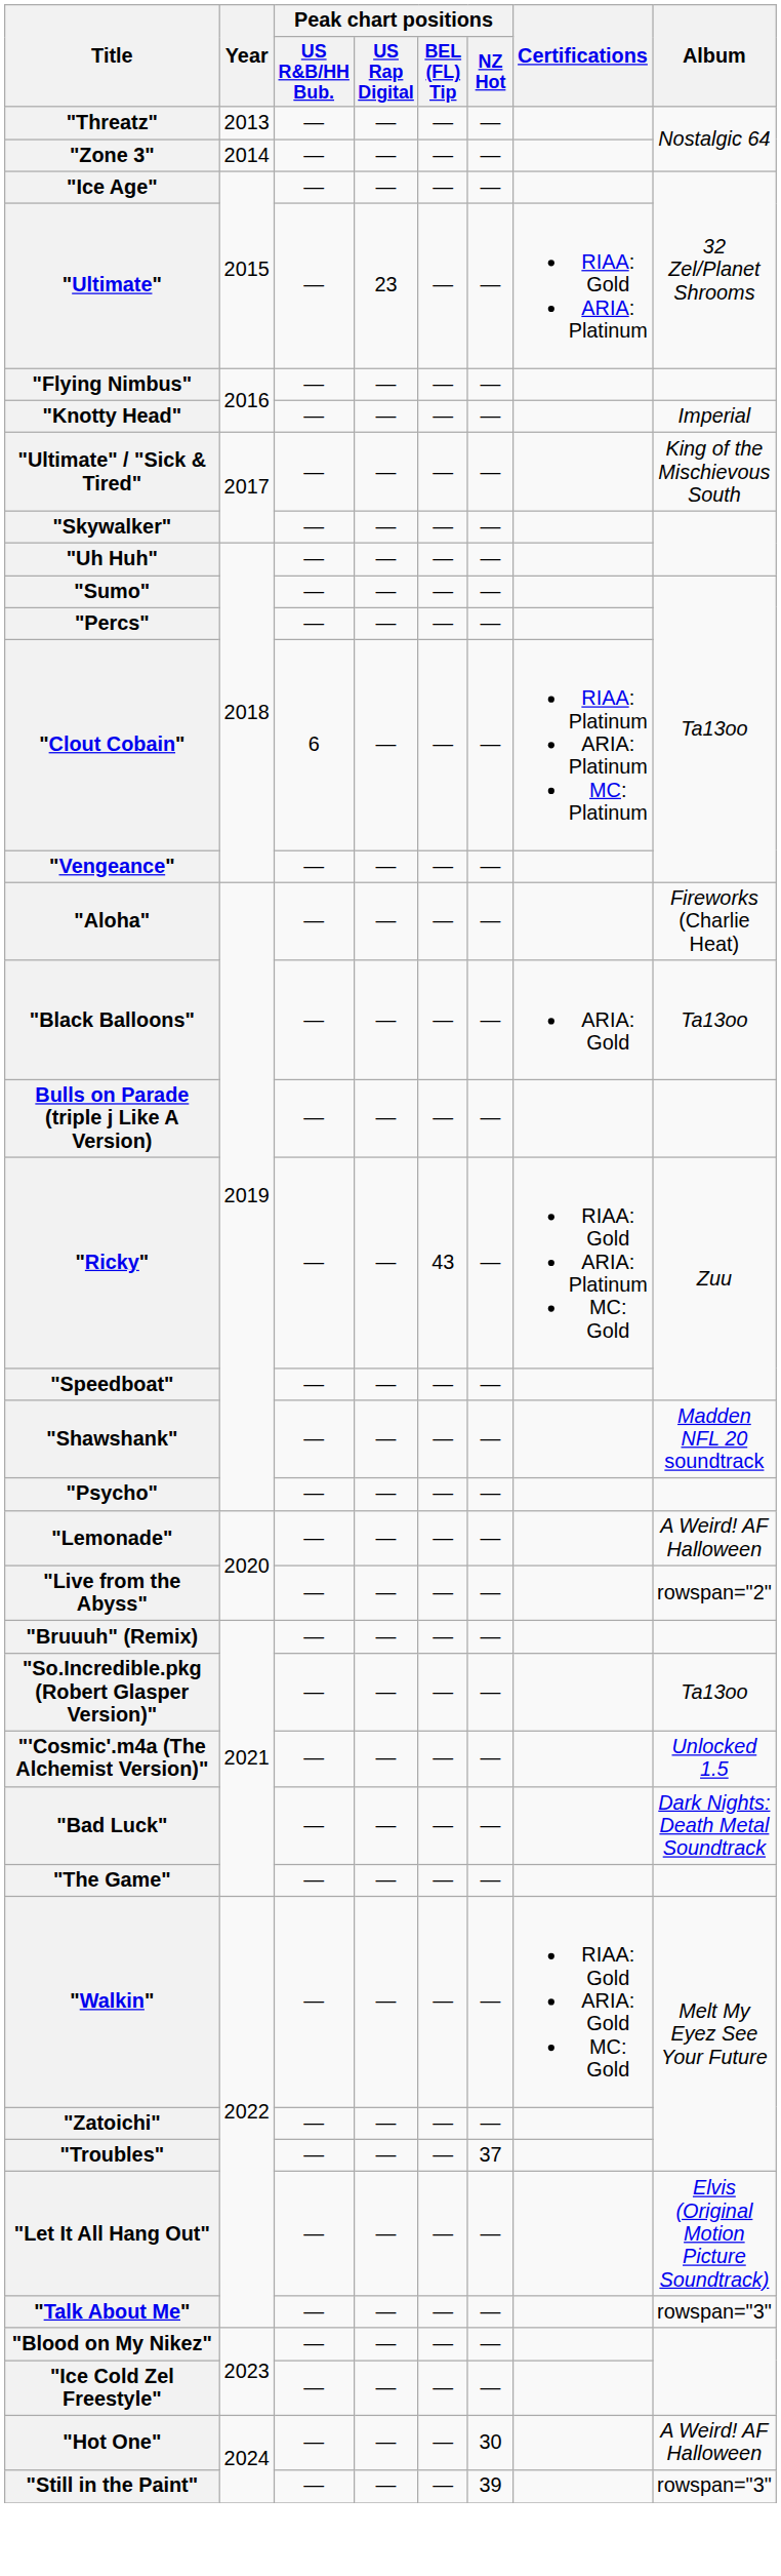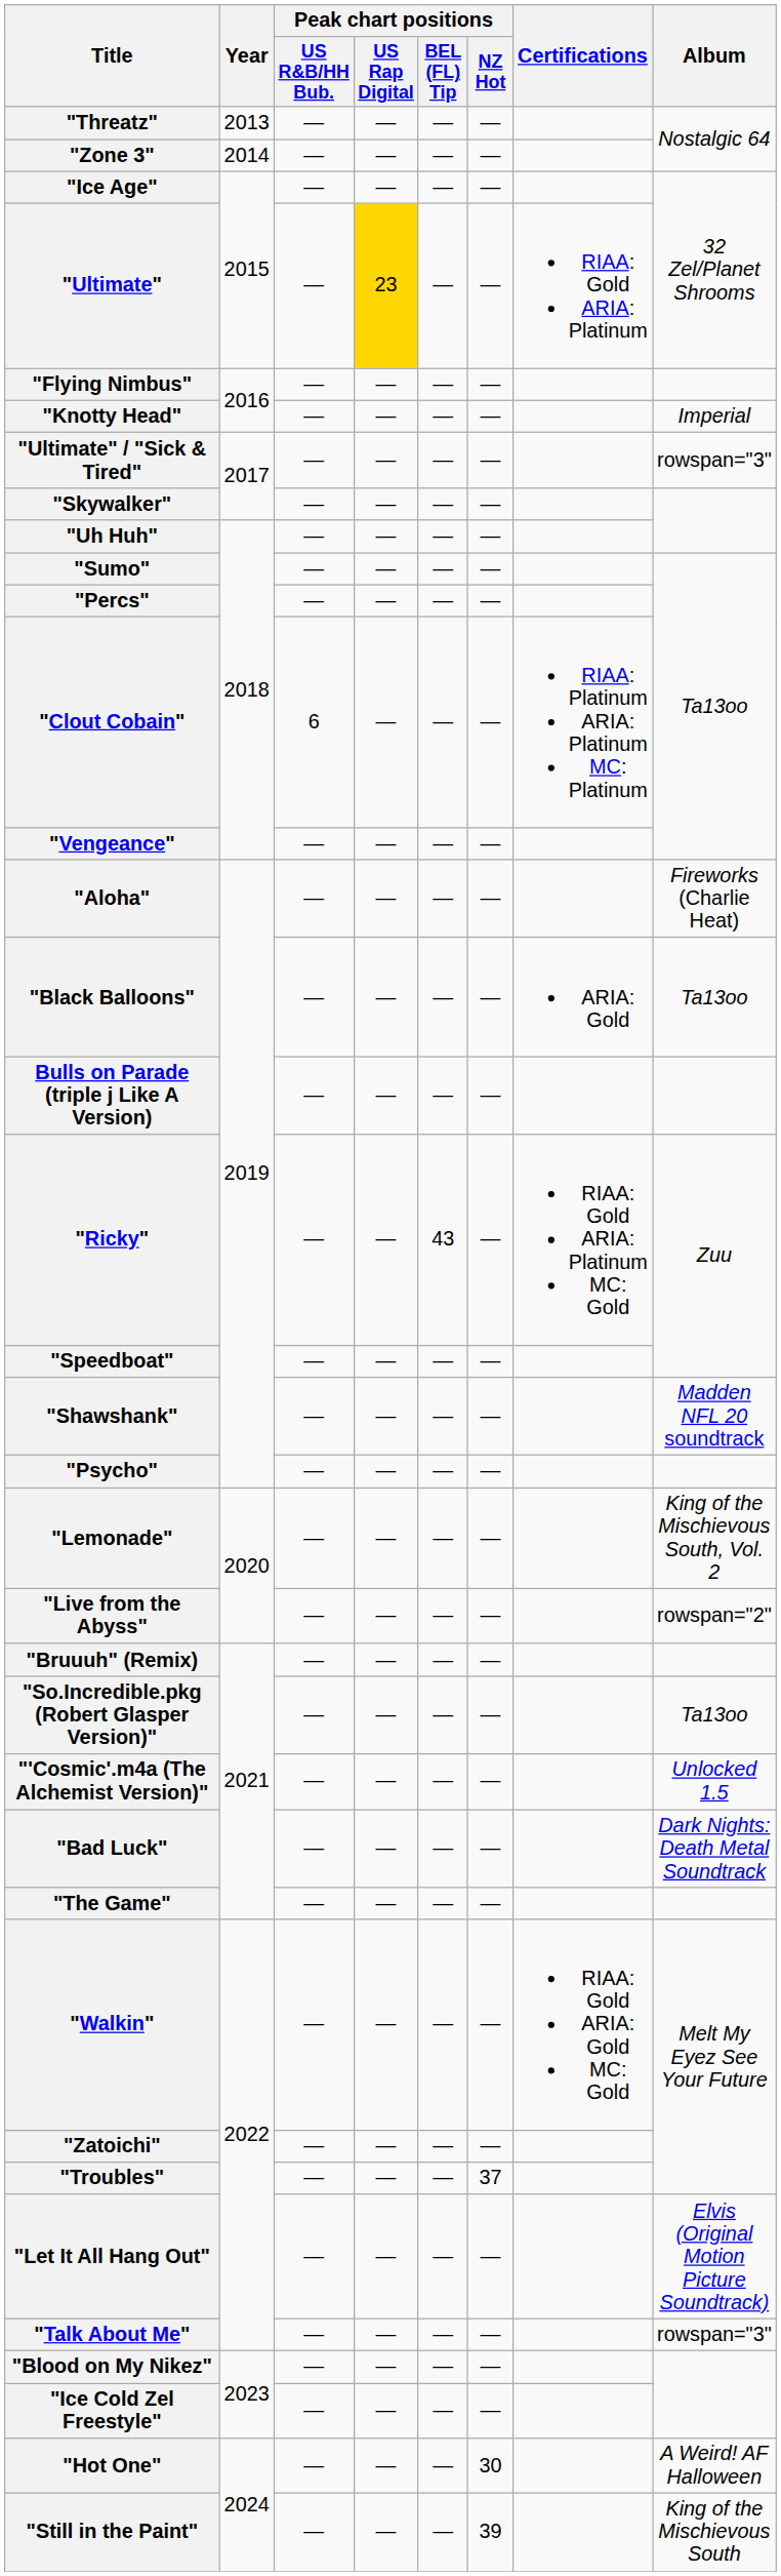 <table class="wikitable plainrowheaders" style="text-align:center;">
 <tr>
 <th scope="col" rowspan="2" style="width:14em;">Title</th>
 <th scope="col" rowspan="2">Year</th>
 <th scope="col" colspan="4">Peak chart positions</th>
 <th scope="col" rowspan="2"><a href='#'>Certifications</a></th>
 <th scope="col" rowspan="2">Album</th>
 </tr>
 <tr>
 <th scope="col" style="width:3em;font-size:90%;"><a href='#'>US<br>R&B/HH<br>Bub.</a><br></th>
 <th scope="col" style="width:3em;font-size:90%;"><a href='#'>US<br>Rap<br>Digital</a><br></th>
 <th scope="col" style="width:3em;font-size:90%;"><a href='#'>BEL<br>(FL)<br>Tip</a><br></th>
 <th scope="col" style="width:3em;font-size:90%;"><a href='#'>NZ<br>Hot</a><br></th>
 </tr>
 <tr>
 <th scope="row">"Threatz"<br></th>
 <td>2013</td>
 <td>—</td>
 <td>—</td>
 <td>—</td>
 <td>—</td>
 <td></td>
 <td rowspan="2"><em>Nostalgic 64</em></td>
 </tr>
 <tr>
 <th scope="row">"Zone 3"</th>
 <td>2014</td>
 <td>—</td>
 <td>—</td>
 <td>—</td>
 <td>—</td>
 <td></td>
 </tr>
 <tr>
 <th scope="row">"Ice Age"<br></th>
 <td rowspan="2">2015</td>
 <td>—</td>
 <td>—</td>
 <td>—</td>
 <td>—</td>
 <td></td>
 <td rowspan="2"><em>32 Zel/Planet Shrooms</em></td>
 </tr>
 <tr>
 <th scope="row">"<a href='#'>Ultimate</a>"</th>
 <td>—</td>
-<td>23</td>
+<td style="background: gold;">23</td>
 <td>—</td>
 <td>—</td>
 <td><br><ul><li><a href='#'>RIAA</a>: Gold</li><li><a href='#'>ARIA</a>: Platinum</li></ul></td>
 </tr>
 <tr>
 <th scope="row">"Flying Nimbus"<br></th>
 <td rowspan="2">2016</td>
 <td>—</td>
 <td>—</td>
 <td>—</td>
 <td>—</td>
 <td></td>
 <td></td>
 </tr>
 <tr>
 <th scope="row">"Knotty Head"<br></th>
 <td>—</td>
 <td>—</td>
 <td>—</td>
 <td>—</td>
 <td></td>
 <td><em>Imperial</em></td>
 </tr>
 <tr>
 <th scope="row">"Ultimate" / "Sick & Tired"<br></th>
 <td rowspan="2">2017</td>
 <td>—</td>
 <td>—</td>
 <td>—</td>
 <td>—</td>
 <td></td>
-<td><em>King of the Mischievous South</em></td>
+<td>rowspan="3" </td>
 </tr>
 <tr>
 <th scope="row">"Skywalker"</th>
 <td>—</td>
 <td>—</td>
 <td>—</td>
 <td>—</td>
 <td></td>
 </tr>
 <tr>
 <th scope="row">"Uh Huh"<br></th>
 <td rowspan="5">2018</td>
 <td>—</td>
 <td>—</td>
 <td>—</td>
 <td>—</td>
 <td></td>
 </tr>
 <tr>
 <th scope="row">"Sumo"</th>
 <td>—</td>
 <td>—</td>
 <td>—</td>
 <td>—</td>
 <td></td>
 <td rowspan="4"><em>Ta13oo</em></td>
 </tr>
 <tr>
 <th scope="row">"Percs"</th>
 <td>—</td>
 <td>—</td>
 <td>—</td>
 <td>—</td>
 <td></td>
 </tr>
 <tr>
 <th scope="row">"<a href='#'>Clout Cobain</a>"</th>
 <td>6</td>
 <td>—</td>
 <td>—</td>
 <td>—</td>
 <td><br><ul><li><a href='#'>RIAA</a>: Platinum</li><li>ARIA: Platinum</li><li><a href='#'>MC</a>: Platinum</li></ul></td>
 </tr>
 <tr>
 <th scope="row">"<a href='#'>Vengeance</a>"<br></th>
 <td>—</td>
 <td>—</td>
 <td>—</td>
 <td>—</td>
 <td></td>
 </tr>
 <tr>
 <th scope="row">"Aloha"<br></th>
 <td rowspan="7">2019</td>
 <td>—</td>
 <td>—</td>
 <td>—</td>
 <td>—</td>
 <td></td>
 <td><em>Fireworks</em> (Charlie Heat)</td>
 </tr>
 <tr>
 <th scope="row">"Black Balloons"<br></th>
 <td>—</td>
 <td>—</td>
 <td>—</td>
 <td>—</td>
 <td><br><ul><li>ARIA: Gold</li></ul></td>
 <td><em>Ta13oo</em></td>
 </tr>
 <tr>
 <th scope="row"><a href='#'>Bulls on Parade</a> (triple j Like A Version)</th>
 <td>—</td>
 <td>—</td>
 <td>—</td>
 <td>—</td>
 <td></td>
 <td></td>
 </tr>
 <tr>
 <th scope="row">"<a href='#'>Ricky</a>"</th>
 <td>—</td>
 <td>—</td>
 <td>43</td>
 <td>—</td>
 <td><br><ul><li>RIAA: Gold</li><li>ARIA: Platinum</li><li>MC: Gold</li></ul></td>
 <td rowspan="2"><em>Zuu</em></td>
 </tr>
 <tr>
 <th scope="row">"Speedboat"</th>
 <td>—</td>
 <td>—</td>
 <td>—</td>
 <td>—</td>
 </tr>
 <tr>
 <th scope="row">"Shawshank"<br></th>
 <td>—</td>
 <td>—</td>
 <td>—</td>
 <td>—</td>
 <td></td>
 <td><a href='#'><em>Madden NFL 20</em> soundtrack</a></td>
 </tr>
 <tr>
 <th scope="row">"Psycho"<br></th>
 <td>—</td>
 <td>—</td>
 <td>—</td>
 <td>—</td>
 <td></td>
 <td></td>
 </tr>
 <tr>
 <th scope="row">"Lemonade"<br></th>
 <td rowspan="2">2020</td>
 <td>—</td>
 <td>—</td>
 <td>—</td>
 <td>—</td>
 <td></td>
-<td><em>A Weird! AF Halloween</em></td>
+<td><em>King of the Mischievous South, Vol. 2</em></td>
 </tr>
 <tr>
 <th scope="row">"Live from the Abyss"</th>
 <td>—</td>
 <td>—</td>
 <td>—</td>
 <td>—</td>
 <td></td>
 <td>rowspan="2" </td>
 </tr>
 <tr>
 <th scope="row">"Bruuuh" (Remix)<br></th>
 <td rowspan="5">2021</td>
 <td>—</td>
 <td>—</td>
 <td>—</td>
 <td>—</td>
 <td></td>
 </tr>
 <tr>
 <th scope="row">"So.Incredible.pkg (Robert Glasper Version)"<br></th>
 <td>—</td>
 <td>—</td>
 <td>—</td>
 <td>—</td>
 <td></td>
 <td><em>Ta13oo</em></td>
 </tr>
 <tr>
 <th scope="row">"'Cosmic'.m4a (The Alchemist Version)" <br></th>
 <td>—</td>
 <td>—</td>
 <td>—</td>
 <td>—</td>
 <td></td>
 <td><em><a href='#'>Unlocked 1.5</a></em></td>
 </tr>
 <tr>
 <th scope="row">"Bad Luck" <br></th>
 <td>—</td>
 <td>—</td>
 <td>—</td>
 <td>—</td>
 <td></td>
 <td><a href='#'><em>Dark Nights: Death Metal Soundtrack</em></a></td>
 </tr>
 <tr>
 <th scope="row">"The Game"</th>
 <td>—</td>
 <td>—</td>
 <td>—</td>
 <td>—</td>
 <td></td>
 <td></td>
 </tr>
 <tr>
 <th scope="row">"<a href='#'>Walkin</a>"<br></th>
 <td rowspan="5">2022</td>
 <td>—</td>
 <td>—</td>
 <td>—</td>
 <td>—</td>
 <td><br><ul><li>RIAA: Gold</li><li>ARIA: Gold</li><li>MC: Gold</li></ul></td>
 <td rowspan="3"><em>Melt My Eyez See Your Future</em></td>
 </tr>
 <tr>
 <th scope="row">"Zatoichi"<br></th>
 <td>—</td>
 <td>—</td>
 <td>—</td>
 <td>—</td>
 <td></td>
 </tr>
 <tr>
 <th scope="row">"Troubles"<br></th>
 <td>—</td>
 <td>—</td>
 <td>—</td>
 <td>37</td>
 <td></td>
 </tr>
 <tr>
 <th scope="row">"Let It All Hang Out" <br></th>
 <td>—</td>
 <td>—</td>
 <td>—</td>
 <td>—</td>
 <td></td>
 <td><em><a href='#'>Elvis (Original Motion Picture Soundtrack)</a></em></td>
 </tr>
 <tr>
 <th scope="row">"<a href='#'>Talk About Me</a>" <br></th>
 <td>—</td>
 <td>—</td>
 <td>—</td>
 <td>—</td>
 <td></td>
 <td>rowspan="3" </td>
 </tr>
 <tr>
 <th scope="row">"Blood on My Nikez" <br></th>
 <td rowspan="2">2023</td>
 <td>—</td>
 <td>—</td>
 <td>—</td>
 <td>—</td>
 <td></td>
 </tr>
 <tr>
 <th scope="row">"Ice Cold Zel Freestyle"<br></th>
 <td>—</td>
 <td>—</td>
 <td>—</td>
 <td>—</td>
 <td></td>
 </tr>
 <tr>
 <th scope="row">"Hot One"<br></th>
 <td rowspan="2">2024</td>
 <td>—</td>
 <td>—</td>
 <td>—</td>
 <td>30</td>
 <td></td>
 <td><em>A Weird! AF Halloween</em></td>
 </tr>
 <tr>
 <th scope="row">"Still in the Paint"<br></th>
 <td>—</td>
 <td>—</td>
 <td>—</td>
 <td>39</td>
 <td></td>
-<td>rowspan="3" </td>
+<td><em>King of the Mischievous South</em></td>
 </tr>
 </table>
